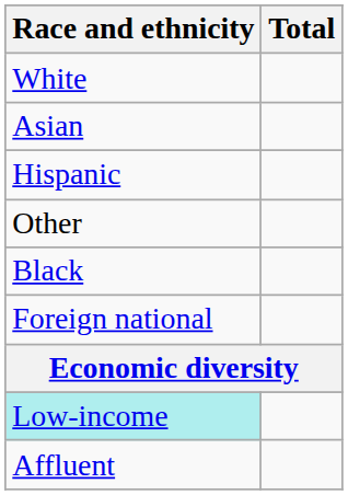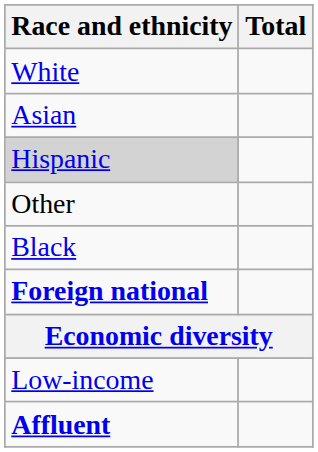 <table class="wikitable floatright sortable collapsible"; text-align:right; font-size:80%;">
 <tr>
 <th>Race and ethnicity</th>
 <th colspan="2" data-sort-type=number>Total</th>
 </tr>
 <tr>
 <td><a href='#'>White</a></td>
 <td align=right></td>
 </tr>
 <tr>
 <td><a href='#'>Asian</a></td>
 <td align=right></td>
 </tr>
 <tr>
-<td><a href='#'>Hispanic</a></td>
+<td style="background: lightgrey;"><a href='#'>Hispanic</a></td>
 <td align=right></td>
 </tr>
 <tr>
 <td>Other</td>
 <td align=right></td>
 </tr>
 <tr>
 <td><a href='#'>Black</a></td>
 <td align=right></td>
 </tr>
 <tr>
-<td><a href='#'>Foreign national</a></td>
+<td><strong><a href='#'>Foreign national</a></strong></td>
 <td align=right></td>
 </tr>
 <tr>
 <th colspan="4" data-sort-type=number><a href='#'>Economic diversity</a></th>
 </tr>
 <tr>
-<td style="background: paleturquoise;"><a href='#'>Low-income</a></td>
+<td><a href='#'>Low-income</a></td>
 <td align=right></td>
 </tr>
 <tr>
-<td><a href='#'>Affluent</a></td>
+<td><strong><a href='#'>Affluent</a></strong></td>
 <td align=right></td>
 </tr>
 </table>
